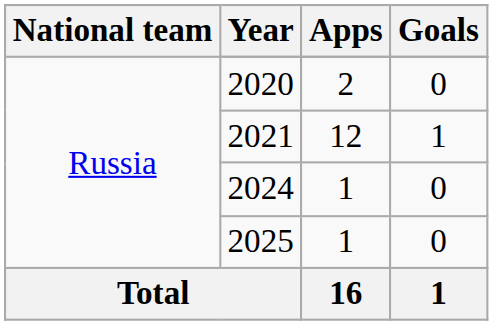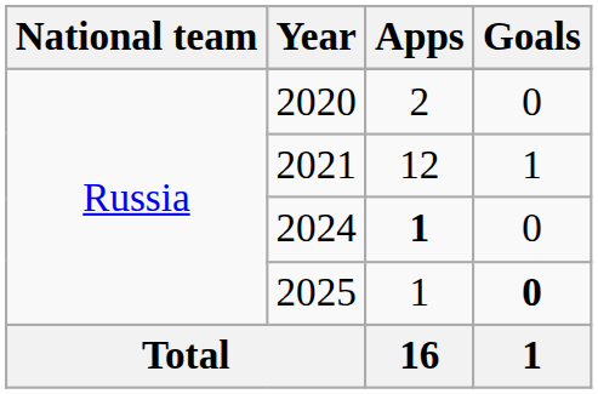 <table class="wikitable" style="text-align:center">
 <tr>
 <th>National team</th>
 <th>Year</th>
 <th>Apps</th>
 <th>Goals</th>
 </tr>
 <tr>
 <td rowspan="5"><a href='#'>Russia</a></td>
 </tr>
 <tr>
 <td>2020</td>
 <td>2</td>
 <td>0</td>
 </tr>
 <tr>
 <td>2021</td>
 <td>12</td>
 <td>1</td>
 </tr>
 <tr>
 <td>2024</td>
-<td>1</td>
+<td><strong>1</strong></td>
 <td>0</td>
 </tr>
 <tr>
 <td>2025</td>
 <td>1</td>
-<td>0</td>
+<td><strong>0</strong></td>
 </tr>
 <tr>
 <th colspan="2">Total</th>
 <th>16</th>
 <th>1</th>
 </tr>
 </table>
